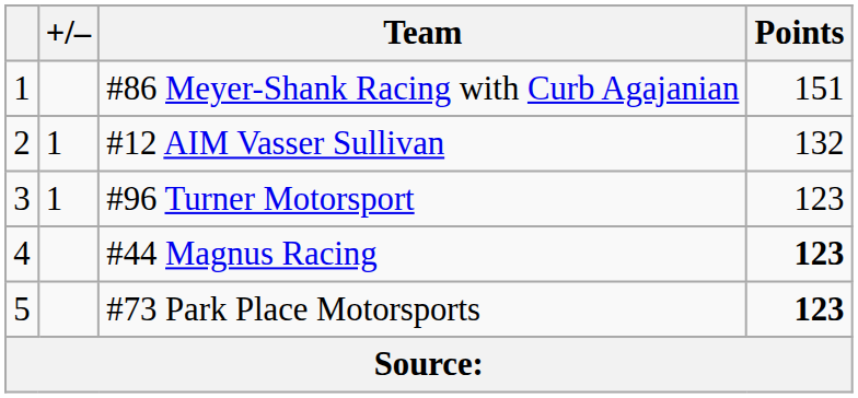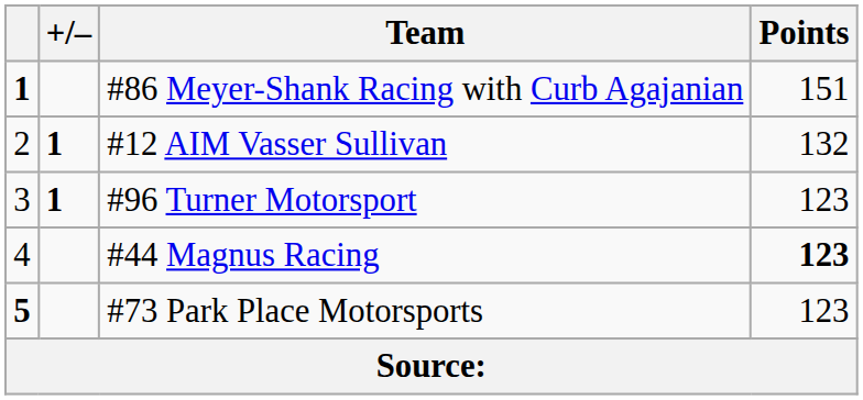 <table class="wikitable" style="font-size: 95%;">
 <tr>
 <th scope="col"></th>
 <th scope="col">+/–</th>
 <th scope="col">Team</th>
 <th scope="col">Points</th>
 </tr>
 <tr>
-<td align=center>1</td>
+<td align=center><strong>1</strong></td>
 <td align="left"></td>
 <td> #86 <a href='#'>Meyer-Shank Racing</a> with <a href='#'>Curb Agajanian</a></td>
 <td align=right>151</td>
 </tr>
 <tr>
 <td align=center>2</td>
-<td align="left"> 1</td>
+<td align="left"><strong> 1</strong></td>
 <td> #12 <a href='#'>AIM Vasser Sullivan</a></td>
 <td align=right>132</td>
 </tr>
 <tr>
 <td align=center>3</td>
-<td align="left"> 1</td>
+<td align="left"><strong> 1</strong></td>
 <td> #96 <a href='#'>Turner Motorsport</a></td>
 <td align=right>123</td>
 </tr>
 <tr>
 <td align=center>4</td>
 <td align="left"></td>
 <td> #44 <a href='#'>Magnus Racing</a></td>
 <td align=right><strong>123</strong></td>
 </tr>
 <tr>
-<td align=center>5</td>
+<td align=center><strong>5</strong></td>
 <td align="left"></td>
 <td> #73 Park Place Motorsports</td>
-<td align=right><strong>123</strong></td>
+<td align=right>123</td>
 </tr>
 <tr>
 <th colspan=5>Source:</th>
 </tr>
 </table>
